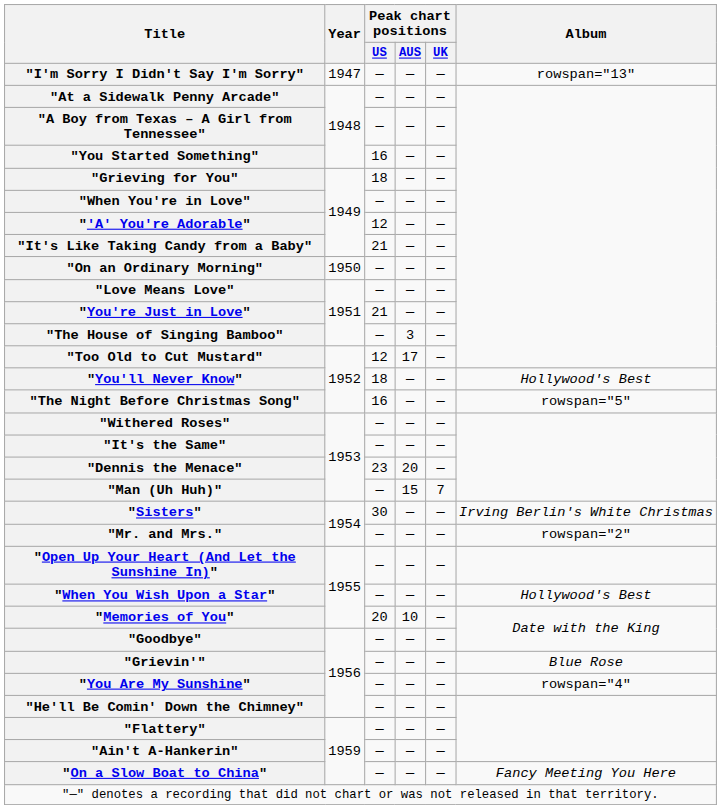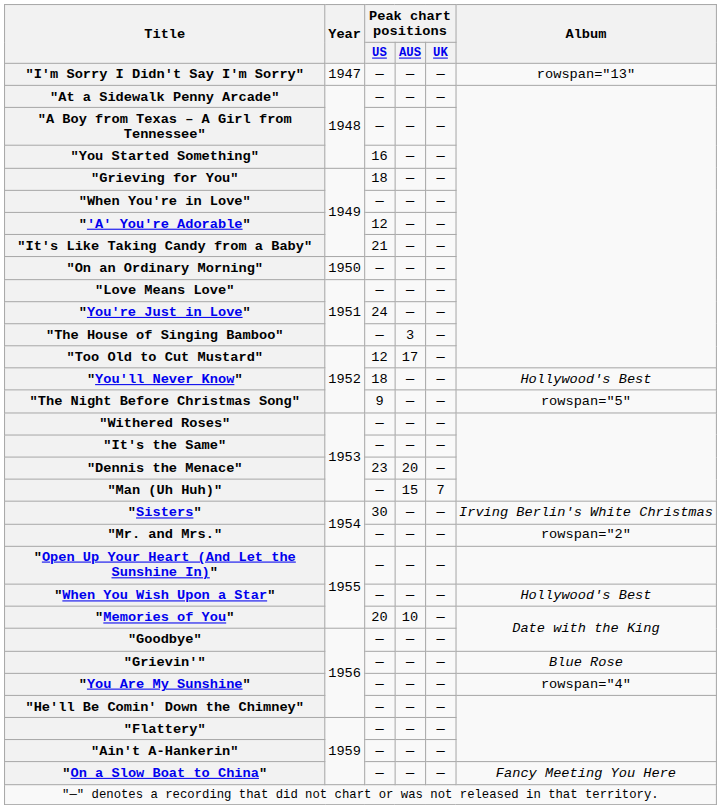 <table class="wikitable plainrowheaders" style="text-align:center;" border="1">
 <tr>
 <th scope="col" rowspan="2" style="width:23em;">Title</th>
 <th scope="col" rowspan="2">Year</th>
 <th scope="col" colspan="3">Peak chart positions</th>
 <th scope="col" rowspan="2">Album</th>
 </tr>
 <tr>
 <th scope="col" style="width:2em;font-size:90%;"><a href='#'>US</a><br></th>
 <th scope="col" style="width:2em;font-size:90%;"><a href='#'>AUS</a><br></th>
 <th scope="col" style="width:2em;font-size:90%;"><a href='#'>UK</a><br></th>
 </tr>
 <tr>
 <th scope="row">"I'm Sorry I Didn't Say I'm Sorry"<br></th>
 <td>1947</td>
 <td>—</td>
 <td>—</td>
 <td>—</td>
 <td>rowspan="13" </td>
 </tr>
 <tr>
 <th scope="row">"At a Sidewalk Penny Arcade"<br></th>
 <td rowspan="3">1948</td>
 <td>—</td>
 <td>—</td>
 <td>—</td>
 </tr>
 <tr>
 <th scope="row">"A Boy from Texas – A Girl from Tennessee"<br></th>
 <td>—</td>
 <td>—</td>
 <td>—</td>
 </tr>
 <tr>
 <th scope="row">"You Started Something"<br></th>
 <td>16</td>
 <td>—</td>
 <td>—</td>
 </tr>
 <tr>
 <th scope="row">"Grieving for You"<br></th>
 <td rowspan="4">1949</td>
 <td>18</td>
 <td>—</td>
 <td>—</td>
 </tr>
 <tr>
 <th scope="row">"When You're in Love"<br></th>
 <td>—</td>
 <td>—</td>
 <td>—</td>
 </tr>
 <tr>
 <th scope="row">"<a href='#'>'A' You're Adorable</a>"<br></th>
 <td>12</td>
 <td>—</td>
 <td>—</td>
 </tr>
 <tr>
 <th scope="row">"It's Like Taking Candy from a Baby"<br></th>
 <td>21</td>
 <td>—</td>
 <td>—</td>
 </tr>
 <tr>
 <th scope="row">"On an Ordinary Morning"<br></th>
 <td>1950</td>
 <td>—</td>
 <td>—</td>
 <td>—</td>
 </tr>
 <tr>
 <th scope="row">"Love Means Love"<br></th>
 <td rowspan="3">1951</td>
 <td>—</td>
 <td>—</td>
 <td>—</td>
 </tr>
 <tr>
 <th scope="row">"<a href='#'>You're Just in Love</a>"<br></th>
-<td>21</td>
+<td>24</td>
 <td>—</td>
 <td>—</td>
 </tr>
 <tr>
 <th scope="row">"The House of Singing Bamboo"<br></th>
 <td>—</td>
 <td>3</td>
 <td>—</td>
 </tr>
 <tr>
 <th scope="row">"Too Old to Cut Mustard"<br></th>
 <td rowspan="3">1952</td>
 <td>12</td>
 <td>17</td>
 <td>—</td>
 </tr>
 <tr>
 <th scope="row">"<a href='#'>You'll Never Know</a>"<br></th>
 <td>18</td>
 <td>—</td>
 <td>—</td>
 <td><em>Hollywood's Best</em></td>
 </tr>
 <tr>
 <th scope="row">"The Night Before Christmas Song"<br></th>
-<td>16</td>
+<td>9</td>
 <td>—</td>
 <td>—</td>
 <td>rowspan="5" </td>
 </tr>
 <tr>
 <th scope="row">"Withered Roses"<br></th>
 <td rowspan="4">1953</td>
 <td>—</td>
 <td>—</td>
 <td>—</td>
 </tr>
 <tr>
 <th scope="row">"It's the Same"<br></th>
 <td>—</td>
 <td>—</td>
 <td>—</td>
 </tr>
 <tr>
 <th scope="row">"Dennis the Menace"<br></th>
 <td>23</td>
 <td>20</td>
 <td>—</td>
 </tr>
 <tr>
 <th scope="row">"Man (Uh Huh)"<br></th>
 <td>—</td>
 <td>15</td>
 <td>7</td>
 </tr>
 <tr>
 <th scope="row">"<a href='#'>Sisters</a>"<br></th>
 <td rowspan="2">1954</td>
 <td>30</td>
 <td>—</td>
 <td>—</td>
 <td><em>Irving Berlin's White Christmas</em></td>
 </tr>
 <tr>
 <th scope="row">"Mr. and Mrs."<br></th>
 <td>—</td>
 <td>—</td>
 <td>—</td>
 <td>rowspan="2" </td>
 </tr>
 <tr>
 <th scope="row">"<a href='#'>Open Up Your Heart (And Let the Sunshine In)</a>"<br></th>
 <td rowspan="3">1955</td>
 <td>—</td>
 <td>—</td>
 <td>—</td>
 </tr>
 <tr>
 <th scope="row">"<a href='#'>When You Wish Upon a Star</a>"<br></th>
 <td>—</td>
 <td>—</td>
 <td>—</td>
 <td><em>Hollywood's Best</em></td>
 </tr>
 <tr>
 <th scope="row">"<a href='#'>Memories of You</a>"<br></th>
 <td>20</td>
 <td>10</td>
 <td>—</td>
 <td rowspan="2"><em>Date with the King</em></td>
 </tr>
 <tr>
 <th scope="row">"Goodbye"<br></th>
 <td rowspan="4">1956</td>
 <td>—</td>
 <td>—</td>
 <td>—</td>
 </tr>
 <tr>
 <th scope="row">"Grievin'"<br></th>
 <td>—</td>
 <td>—</td>
 <td>—</td>
 <td><em>Blue Rose</em></td>
 </tr>
 <tr>
 <th scope="row">"<a href='#'>You Are My Sunshine</a>"<br></th>
 <td>—</td>
 <td>—</td>
 <td>—</td>
 <td>rowspan="4" </td>
 </tr>
 <tr>
 <th scope="row">"He'll Be Comin' Down the Chimney"<br></th>
 <td>—</td>
 <td>—</td>
 <td>—</td>
 </tr>
 <tr>
 <th scope="row">"Flattery"<br></th>
 <td rowspan="3">1959</td>
 <td>—</td>
 <td>—</td>
 <td>—</td>
 </tr>
 <tr>
 <th scope="row">"Ain't A-Hankerin"<br></th>
 <td>—</td>
 <td>—</td>
 <td>—</td>
 </tr>
 <tr>
 <th scope="row">"<a href='#'>On a Slow Boat to China</a>"<br></th>
 <td>—</td>
 <td>—</td>
 <td>—</td>
 <td><em>Fancy Meeting You Here</em></td>
 </tr>
 <tr>
 <td colspan="6" style="font-size:90%">"—" denotes a recording that did not chart or was not released in that territory.</td>
 </tr>
 </table>
